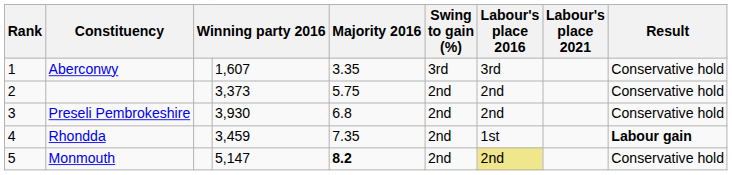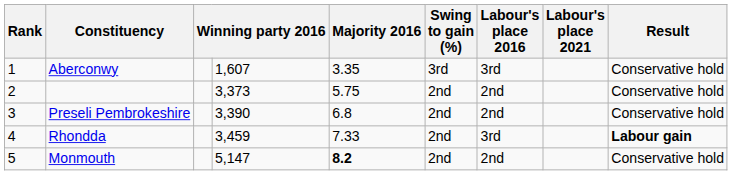 <table class="wikitable">
 <tr>
 <th>Rank</th>
 <th>Constituency</th>
 <th colspan=2>Winning party 2016</th>
 <th>Majority 2016</th>
 <th>Swing<br>to gain<br>(%)</th>
 <th>Labour's<br>place<br>2016</th>
 <th>Labour's<br>place<br>2021</th>
 <th colspan=2>Result</th>
 </tr>
 <tr>
 <td>1</td>
 <td><a href='#'>Aberconwy</a></td>
 <td></td>
 <td>1,607</td>
 <td>3.35</td>
 <td>3rd</td>
 <td>3rd</td>
 <td style="background-color: "></td>
 <td>Conservative hold</td>
 </tr>
 <tr>
 <td>2</td>
 <td></td>
 <td></td>
 <td>3,373</td>
 <td>5.75</td>
 <td>2nd</td>
 <td>2nd</td>
 <td style="background-color: "></td>
 <td>Conservative hold</td>
 </tr>
 <tr>
 <td>3</td>
 <td><a href='#'>Preseli Pembrokeshire</a></td>
 <td></td>
-<td>3,930</td>
+<td>3,390</td>
 <td>6.8</td>
 <td>2nd</td>
 <td>2nd</td>
 <td style="background-color: "></td>
 <td>Conservative hold</td>
 </tr>
 <tr>
 <td>4</td>
 <td><a href='#'>Rhondda</a></td>
 <td></td>
 <td>3,459</td>
-<td>7.35</td>
+<td>7.33</td>
 <td>2nd</td>
-<td>1st</td>
+<td>3rd</td>
 <td style="background-color: "></td>
 <td><strong>Labour gain</strong></td>
 </tr>
 <tr>
 <td>5</td>
 <td><a href='#'>Monmouth</a></td>
 <td></td>
 <td>5,147</td>
 <td><strong>8.2</strong></td>
 <td>2nd</td>
-<td style="background: khaki;">2nd</td>
+<td>2nd</td>
 <td style="background-color: "></td>
 <td>Conservative hold</td>
 </tr>
 </table>
